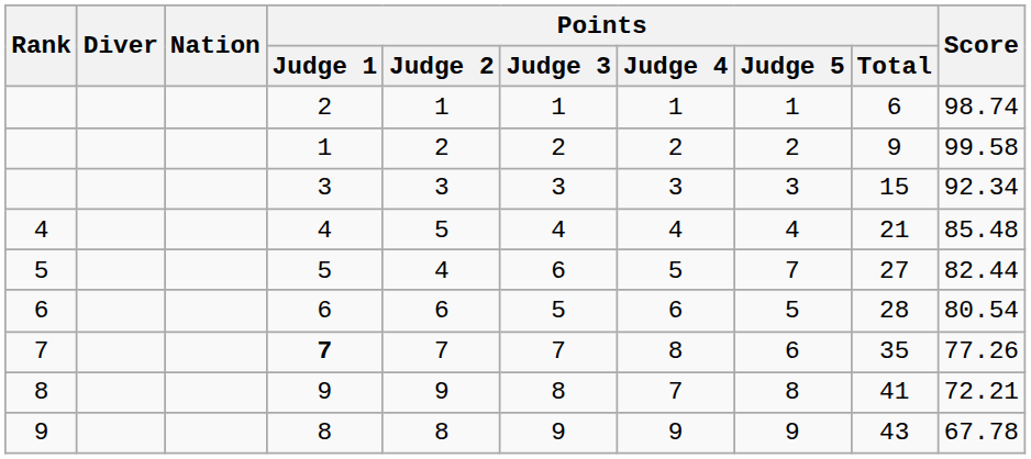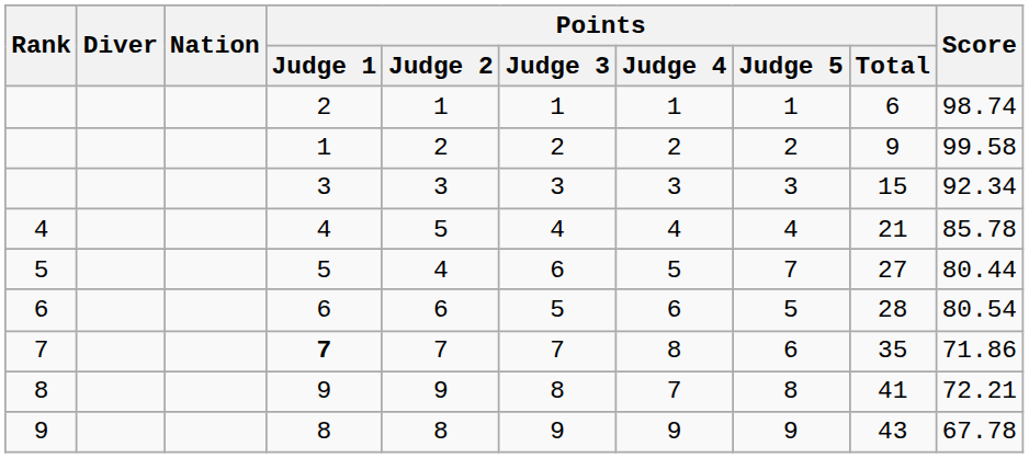 <table class="wikitable sortable" style="text-align:center">
 <tr>
 <th rowspan=2>Rank</th>
 <th rowspan=2>Diver</th>
 <th rowspan=2>Nation</th>
 <th colspan=6>Points</th>
 <th rowspan=2>Score</th>
 </tr>
 <tr>
 <th>Judge 1</th>
 <th>Judge 2</th>
 <th>Judge 3</th>
 <th>Judge 4</th>
 <th>Judge 5</th>
 <th>Total</th>
 </tr>
 <tr>
 <td></td>
 <td align=left></td>
 <td align=left></td>
 <td>2</td>
 <td>1</td>
 <td>1</td>
 <td>1</td>
 <td>1</td>
 <td>6</td>
 <td>98.74</td>
 </tr>
 <tr>
 <td></td>
 <td align=left></td>
 <td align=left></td>
 <td>1</td>
 <td>2</td>
 <td>2</td>
 <td>2</td>
 <td>2</td>
 <td>9</td>
 <td>99.58</td>
 </tr>
 <tr>
 <td></td>
 <td align=left></td>
 <td align=left></td>
 <td>3</td>
 <td>3</td>
 <td>3</td>
 <td>3</td>
 <td>3</td>
 <td>15</td>
 <td>92.34</td>
 </tr>
 <tr>
 <td>4</td>
 <td align=left></td>
 <td align=left></td>
 <td>4</td>
 <td>5</td>
 <td>4</td>
 <td>4</td>
 <td>4</td>
 <td>21</td>
-<td>85.48</td>
+<td>85.78</td>
 </tr>
 <tr>
 <td>5</td>
 <td align=left></td>
 <td align=left></td>
 <td>5</td>
 <td>4</td>
 <td>6</td>
 <td>5</td>
 <td>7</td>
 <td>27</td>
-<td>82.44</td>
+<td>80.44</td>
 </tr>
 <tr>
 <td>6</td>
 <td align=left></td>
 <td align=left></td>
 <td>6</td>
 <td>6</td>
 <td>5</td>
 <td>6</td>
 <td>5</td>
 <td>28</td>
 <td>80.54</td>
 </tr>
 <tr>
 <td>7</td>
 <td align=left></td>
 <td align=left></td>
 <td><strong>7</strong></td>
 <td>7</td>
 <td>7</td>
 <td>8</td>
 <td>6</td>
 <td>35</td>
-<td>77.26</td>
+<td>71.86</td>
 </tr>
 <tr>
 <td>8</td>
 <td align=left></td>
 <td align=left></td>
 <td>9</td>
 <td>9</td>
 <td>8</td>
 <td>7</td>
 <td>8</td>
 <td>41</td>
 <td>72.21</td>
 </tr>
 <tr>
 <td>9</td>
 <td align=left></td>
 <td align=left></td>
 <td>8</td>
 <td>8</td>
 <td>9</td>
 <td>9</td>
 <td>9</td>
 <td>43</td>
 <td>67.78</td>
 </tr>
 </table>
